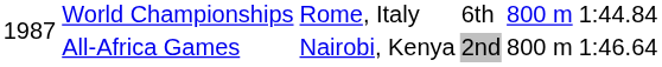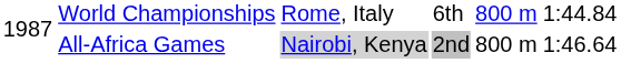 <table>
 <tr>
 <td rowspan=2>1987</td>
 <td><a href='#'>World Championships</a></td>
 <td><a href='#'>Rome</a>, Italy</td>
 <td>6th</td>
 <td><a href='#'>800 m</a></td>
 <td>1:44.84</td>
 </tr>
 <tr>
 <td><a href='#'>All-Africa Games</a></td>
-<td><a href='#'>Nairobi</a>, Kenya</td>
+<td style="background: lightgrey;"><a href='#'>Nairobi</a>, Kenya</td>
 <td bgcolor=silver>2nd</td>
 <td>800 m</td>
 <td>1:46.64 </td>
 </tr>
 </table>
